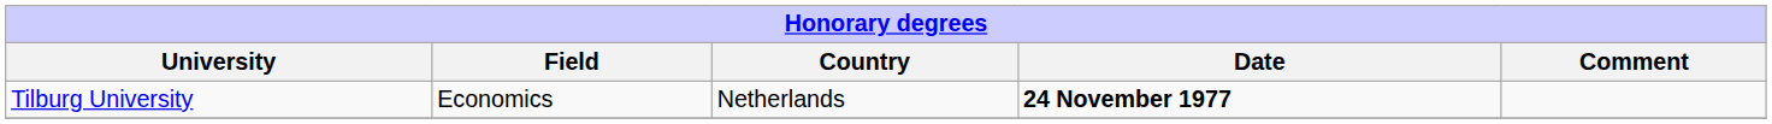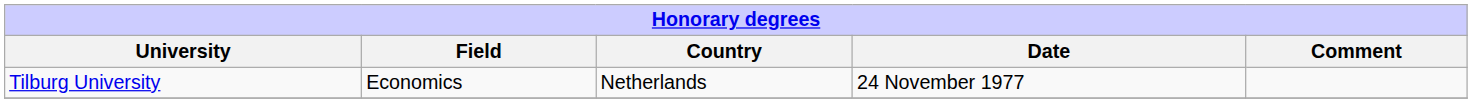 <table class="wikitable" style="width:60%;">
 <tr style="background:#ccf; text-align:center;">
 <td colspan=5><strong><a href='#'>Honorary degrees</a></strong></td>
 </tr>
 <tr>
 <th>University</th>
 <th>Field</th>
 <th>Country</th>
 <th>Date</th>
 <th>Comment</th>
 </tr>
 <tr>
 <td><a href='#'>Tilburg University</a></td>
 <td>Economics</td>
 <td>Netherlands</td>
-<td><strong>24 November 1977</strong></td>
+<td>24 November 1977</td>
 <td></td>
 </tr>
 <tr>
 </tr>
 </table>
